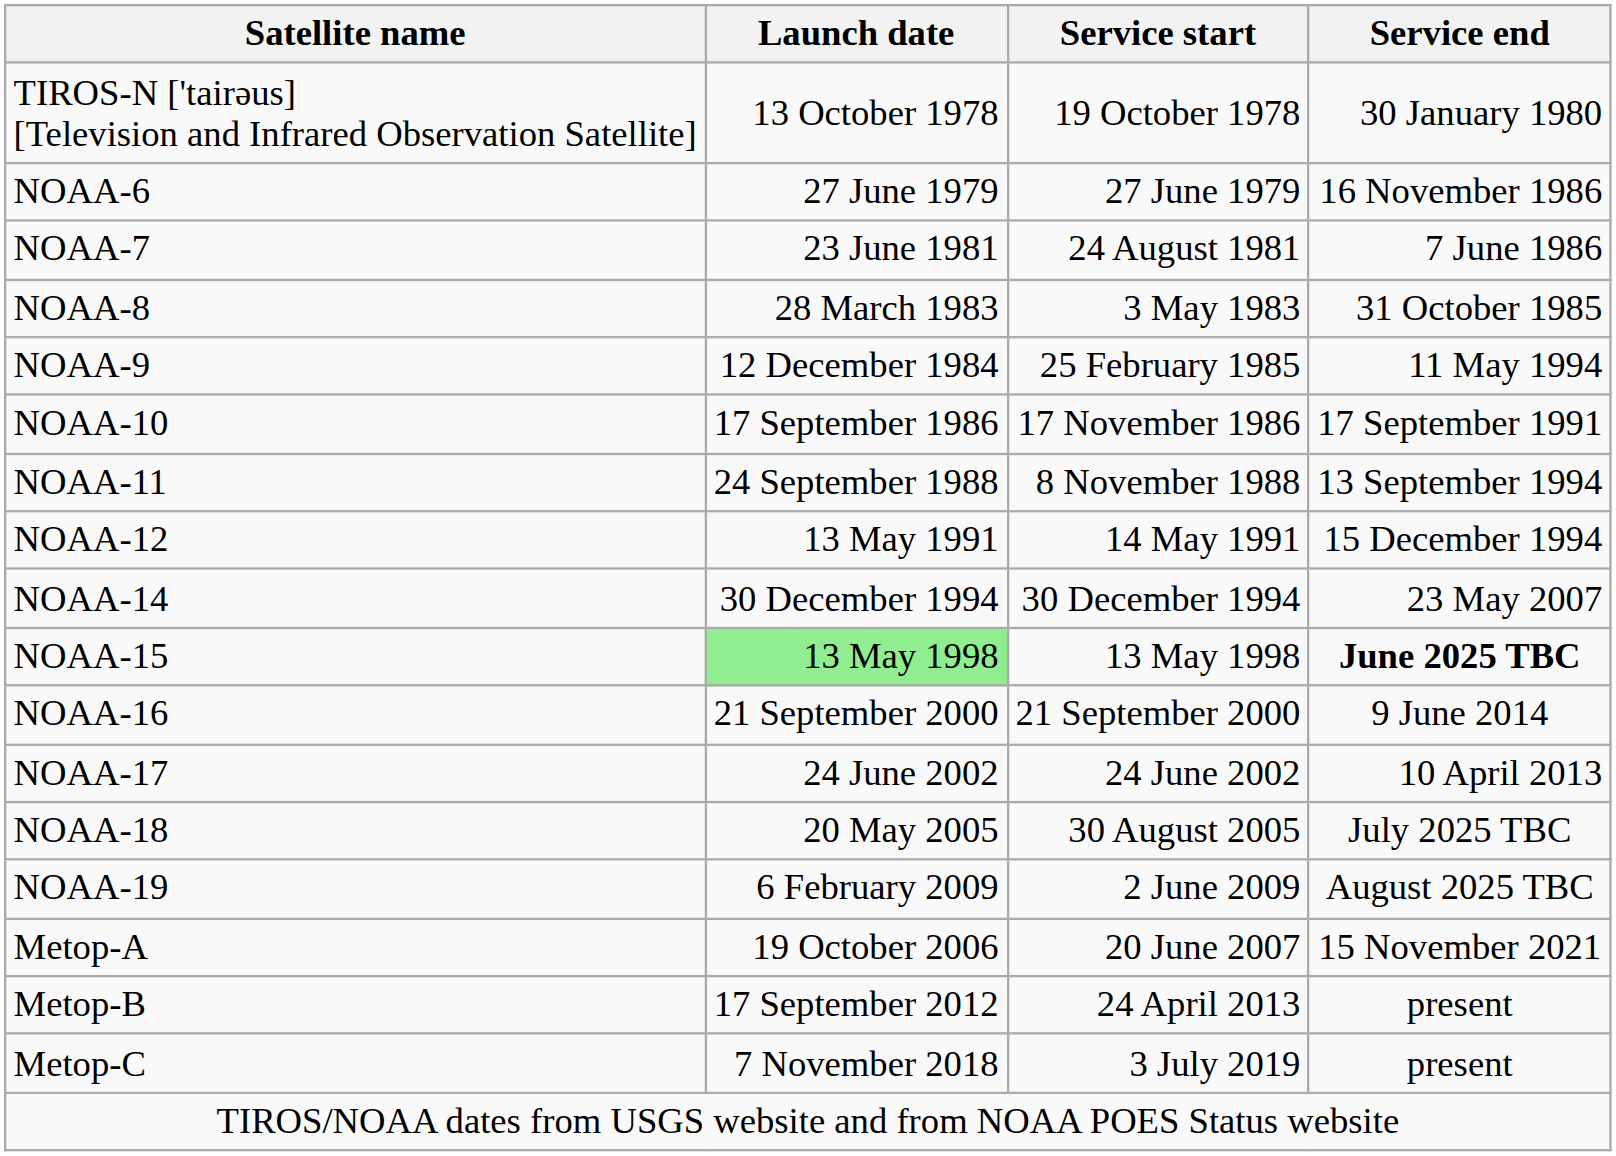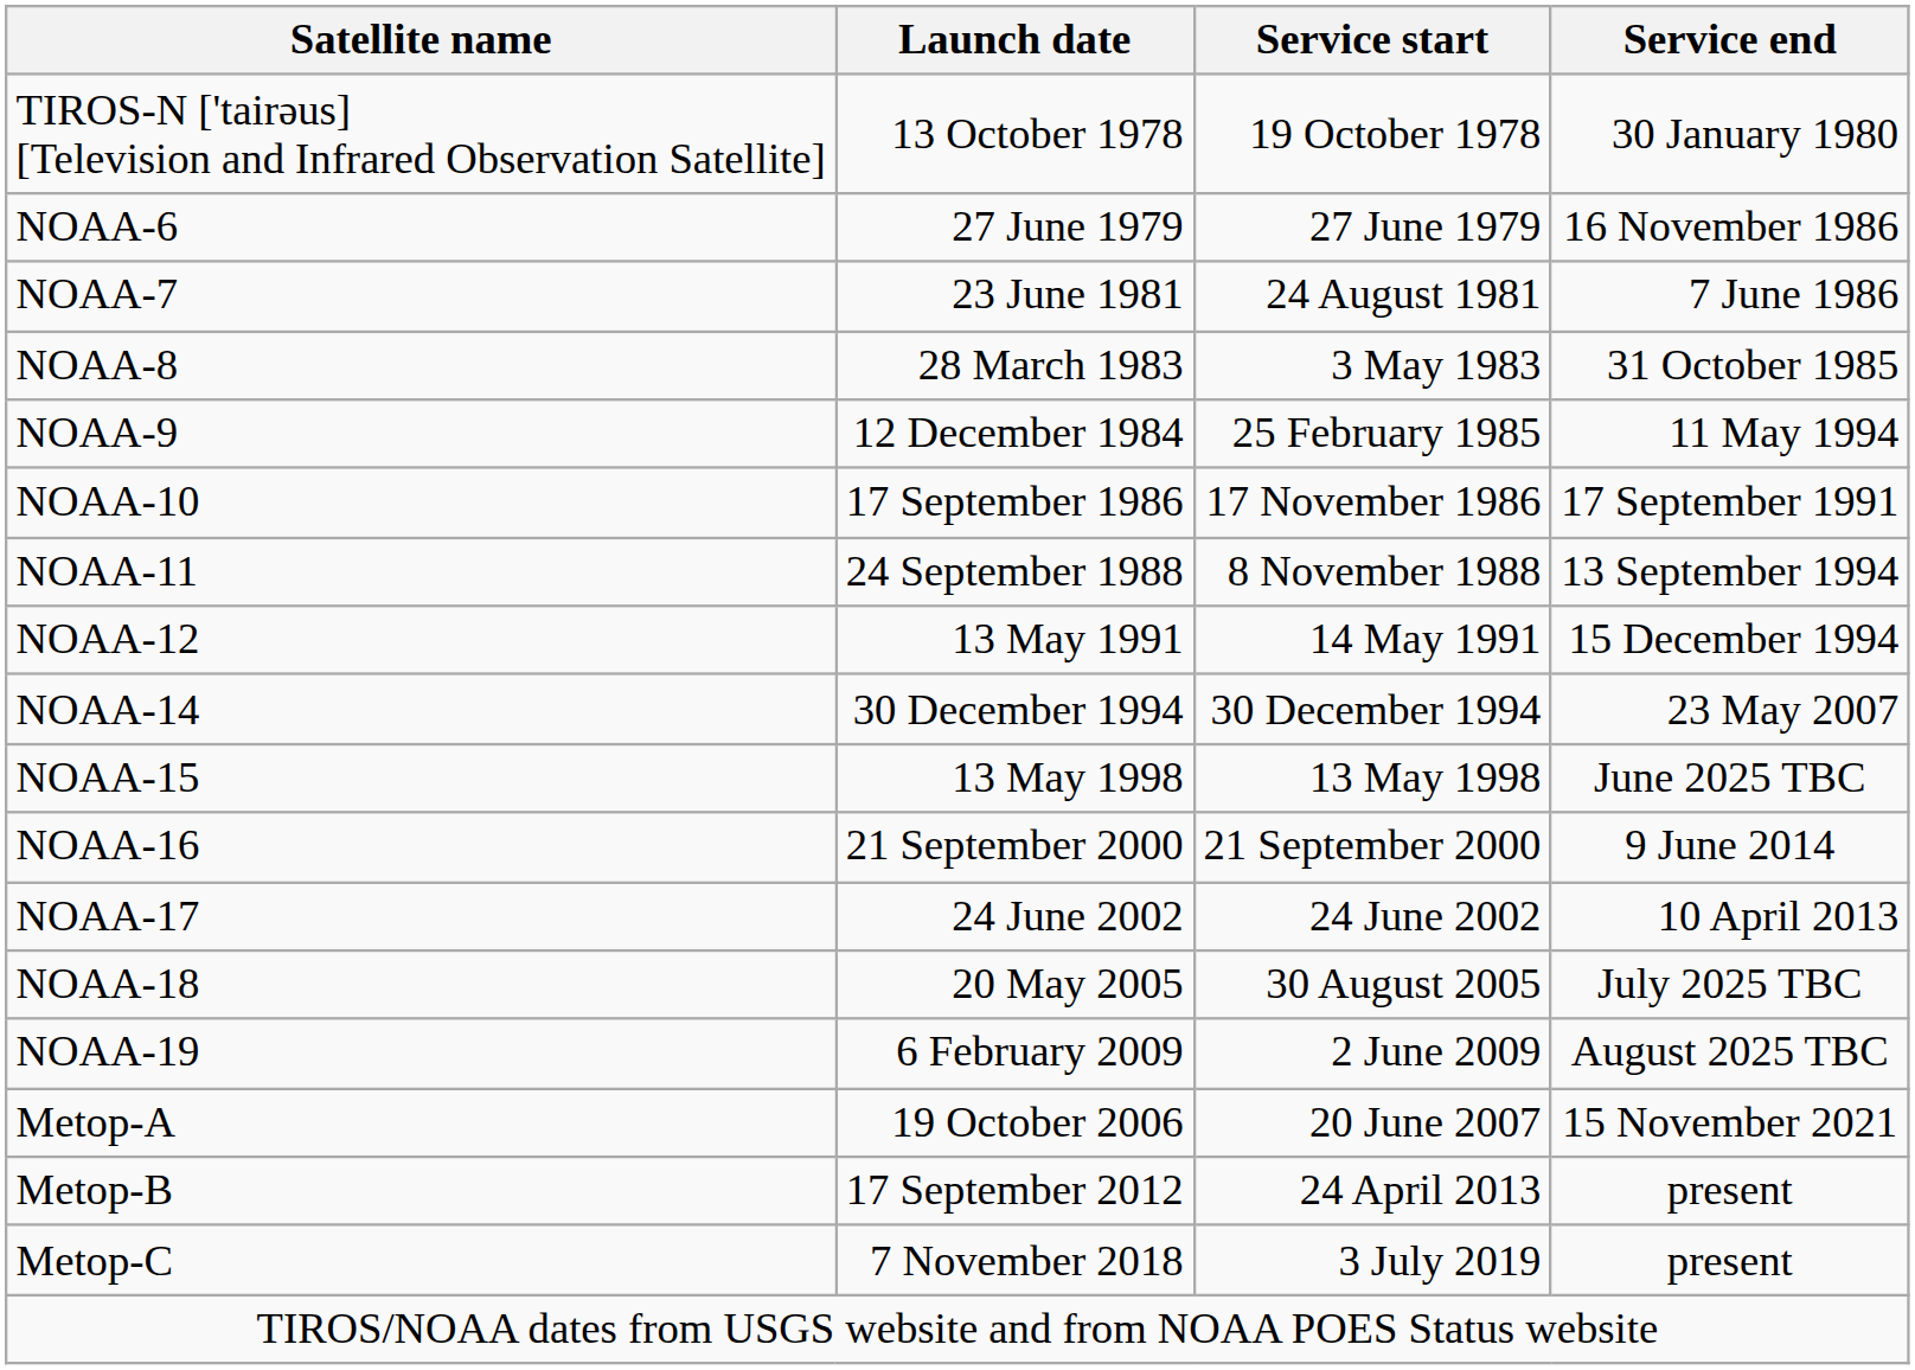 <table class="wikitable" border="1">
 <tr>
 <th>Satellite name</th>
 <th>Launch date</th>
 <th>Service start</th>
 <th>Service end</th>
 </tr>
 <tr>
 <td>TIROS-N ['tairəus]<br>[Television and Infrared Observation Satellite]</td>
 <td align="right">13 October 1978</td>
 <td align="right">19 October 1978</td>
 <td align="right">30 January 1980</td>
 </tr>
 <tr>
 <td>NOAA-6</td>
 <td align="right">27 June 1979</td>
 <td align="right">27 June 1979</td>
 <td align="right">16 November 1986</td>
 </tr>
 <tr>
 <td>NOAA-7</td>
 <td align="right">23 June 1981</td>
 <td align="right">24 August 1981</td>
 <td align="right">7 June 1986</td>
 </tr>
 <tr>
 <td>NOAA-8</td>
 <td align="right">28 March 1983</td>
 <td align="right">3 May 1983</td>
 <td align="right">31 October 1985</td>
 </tr>
 <tr>
 <td>NOAA-9</td>
 <td align="right">12 December 1984</td>
 <td align="right">25 February 1985</td>
 <td align="right">11 May 1994</td>
 </tr>
 <tr>
 <td>NOAA-10</td>
 <td align="right">17 September 1986</td>
 <td align="right">17 November 1986</td>
 <td align="right">17 September 1991</td>
 </tr>
 <tr>
 <td>NOAA-11</td>
 <td align="right">24 September 1988</td>
 <td align="right">8 November 1988</td>
 <td align="right">13 September 1994</td>
 </tr>
 <tr>
 <td>NOAA-12</td>
 <td align="right">13 May 1991</td>
 <td align="right">14 May 1991</td>
 <td align="right">15 December 1994</td>
 </tr>
 <tr>
 <td>NOAA-14</td>
 <td align="right">30 December 1994</td>
 <td align="right">30 December 1994</td>
 <td align="right">23 May 2007</td>
 </tr>
 <tr>
 <td>NOAA-15</td>
-<td align="right" style="background: lightgreen;">13 May 1998</td>
 <td align="right">13 May 1998</td>
-<td align="center"><strong>June 2025 TBC</strong></td>
+<td align="right">13 May 1998</td>
+<td align="center">June 2025 TBC</td>
 </tr>
 <tr>
 <td>NOAA-16</td>
 <td align="right">21 September 2000</td>
 <td align="right">21 September 2000</td>
 <td align="center">9 June 2014</td>
 </tr>
 <tr>
 <td>NOAA-17</td>
 <td align="right">24 June 2002</td>
 <td align="right">24 June 2002</td>
 <td align="right">10 April 2013</td>
 </tr>
 <tr>
 <td>NOAA-18</td>
 <td align="right">20 May 2005</td>
 <td align="right">30 August 2005</td>
 <td align="center">July 2025 TBC</td>
 </tr>
 <tr>
 <td>NOAA-19</td>
 <td align="right">6 February 2009</td>
 <td align="right">2 June 2009</td>
 <td align="center">August 2025 TBC</td>
 </tr>
 <tr>
 <td>Metop-A</td>
 <td align="right">19 October 2006</td>
 <td align="right">20 June 2007</td>
 <td align="center">15 November 2021</td>
 </tr>
 <tr>
 <td>Metop-B</td>
 <td align="right">17 September 2012</td>
 <td align="right">24 April 2013</td>
 <td align="center">present</td>
 </tr>
 <tr>
 <td>Metop-C</td>
 <td align="right">7 November 2018</td>
 <td align="right">3 July 2019</td>
 <td align="center">present</td>
 </tr>
 <tr>
 <td align="center" colspan="4">TIROS/NOAA dates from USGS website and from NOAA POES Status website</td>
 </tr>
 </table>
